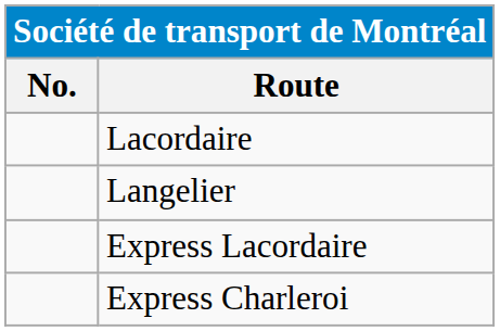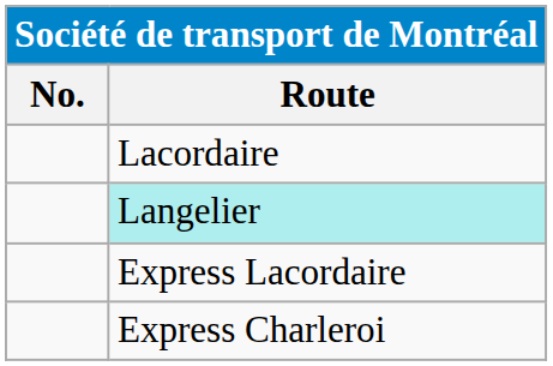 <table align=center class="wikitable">
 <tr>
 <th style="background: #0085CA; font-size:100%; color:#FFFFFF;"colspan="4">Société de transport de Montréal</th>
 </tr>
 <tr>
 <th>No.</th>
 <th>Route</th>
 </tr>
 <tr>
 <td {{Avoid wrap> </td>
 <td>Lacordaire</td>
 </tr>
 <tr>
 <td {{Avoid wrap> </td>
-<td>Langelier</td>
+<td style="background: paleturquoise;">Langelier</td>
 </tr>
 <tr>
 <td></td>
 <td>Express Lacordaire</td>
 </tr>
 <tr>
 <td></td>
 <td>Express Charleroi</td>
 </tr>
 </table>
